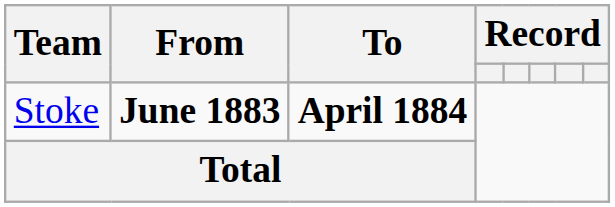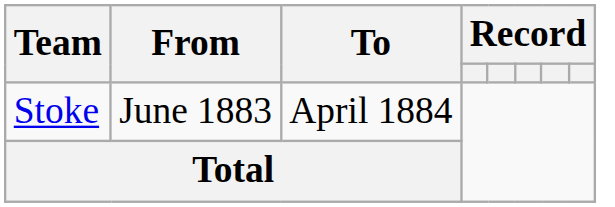 <table class="wikitable" style="text-align:center">
 <tr>
 <th rowspan="2">Team</th>
 <th rowspan="2">From</th>
 <th rowspan="2">To</th>
 <th colspan="5">Record</th>
 </tr>
 <tr>
 <th></th>
 <th></th>
 <th></th>
 <th></th>
 <th></th>
 </tr>
 <tr>
 <td align=left><a href='#'>Stoke</a></td>
-<td align=left><strong>June 1883</strong></td>
-<td align=left><strong>April 1884<br></strong></td>
+<td align=left>June 1883</td>
+<td align=left>April 1884<br></td>
 </tr>
 <tr>
 <th colspan="3">Total<br></th>
 </tr>
 </table>
